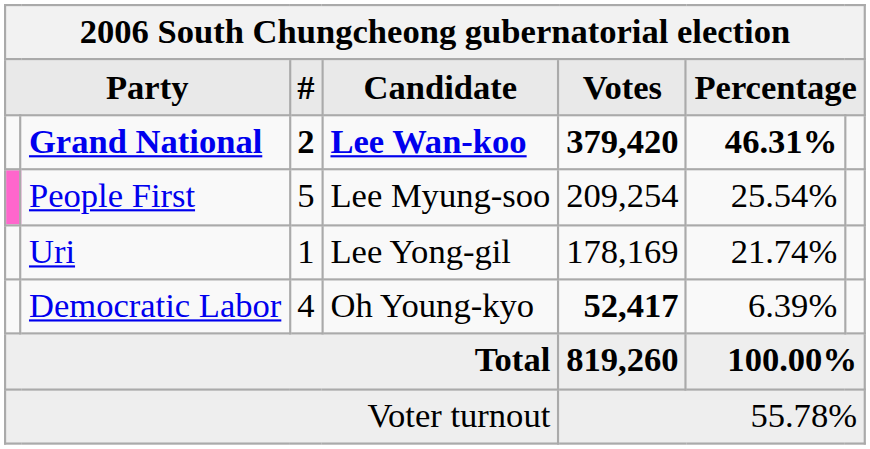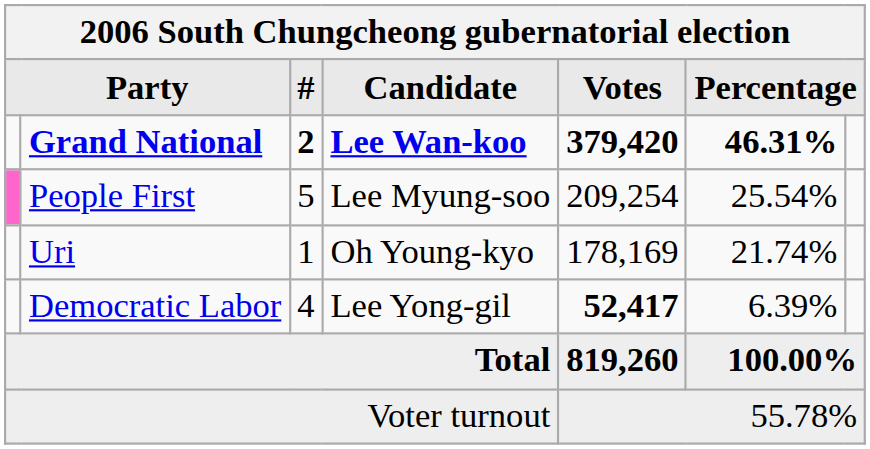 <table class="wikitable">
 <tr>
 <th colspan="7">2006 South Chungcheong gubernatorial election</th>
 </tr>
 <tr>
 <th style="background-color:#E9E9E9" colspan=2>Party</th>
 <th style="background-color:#E9E9E9">#</th>
 <th style="background-color:#E9E9E9">Candidate</th>
 <th style="background-color:#E9E9E9">Votes</th>
 <th style="background-color:#E9E9E9" colspan=2>Percentage</th>
 </tr>
 <tr style="font-weight:bold">
 <td></td>
 <td align=left><a href='#'>Grand National</a></td>
 <td align=center>2</td>
 <td align=left><a href='#'>Lee Wan-koo</a></td>
 <td align=right>379,420</td>
 <td align=right>46.31%</td>
 <td align=right></td>
 </tr>
 <tr>
 <td bgcolor="#FF66cc"></td>
 <td align=left><a href='#'>People First</a></td>
 <td align=center>5</td>
 <td align=left>Lee Myung-soo</td>
 <td align=right>209,254</td>
 <td align=right>25.54%</td>
 <td align=right></td>
 </tr>
 <tr>
 <td></td>
 <td align=left><a href='#'>Uri</a></td>
 <td align=center>1</td>
-<td align=left>Lee Yong-gil</td>
+<td align=left>Oh Young-kyo</td>
 <td align=right>178,169</td>
 <td align=right>21.74%</td>
 <td align=right></td>
 </tr>
 <tr>
 <td></td>
 <td align=left><a href='#'>Democratic Labor</a></td>
 <td align=center>4</td>
-<td align=left>Oh Young-kyo</td>
+<td align=left>Lee Yong-gil</td>
 <td align=right><strong>52,417</strong></td>
 <td align=right>6.39%</td>
 <td align=right></td>
 </tr>
 <tr bgcolor="#EEEEEE" style="font-weight:bold">
 <td colspan="4" align=right>Total</td>
 <td align=right>819,260</td>
 <td align=right colspan=2>100.00%</td>
 </tr>
 <tr bgcolor="#EEEEEE">
 <td colspan="4" align="right">Voter turnout</td>
 <td colspan="3" align="right">55.78%</td>
 </tr>
 </table>
